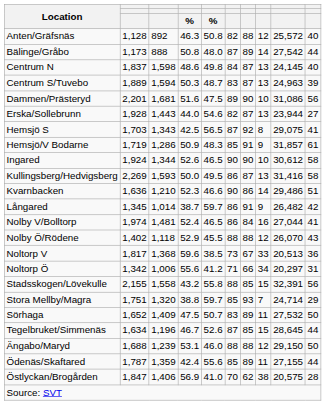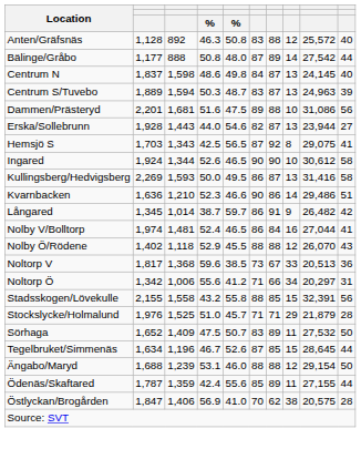 <table role="presentation" class="wikitable sortable mw-collapsible mw-collapsed">
 <tr>
 <th rowspan="3">Location</th>
 <th></th>
 <th></th>
 <th></th>
 <th></th>
 <th></th>
 <th></th>
 <th></th>
 <th></th>
 <th></th>
 </tr>
 <tr>
 <th></th>
 <th></th>
 <th style="background:"></th>
 <th style="background:"></th>
 <th></th>
 <th></th>
 <th></th>
 <th></th>
 <th></th>
 </tr>
 <tr>
 <th data-sort-type="number"></th>
 <th data-sort-type="number"></th>
 <th data-sort-type="number">%</th>
 <th data-sort-type="number">%</th>
 <th data-sort-type="number"></th>
 <th data-sort-type="number"></th>
 <th data-sort-type="number"></th>
 <th data-sort-type="number"></th>
 <th data-sort-type="number"></th>
 </tr>
 <tr>
 <td align="left">Anten/Gräfsnäs</td>
 <td>1,128</td>
 <td>892</td>
 <td>46.3</td>
 <td>50.8</td>
-<td>82</td>
+<td>83</td>
 <td>88</td>
 <td>12</td>
 <td>25,572</td>
 <td>40</td>
 </tr>
 <tr>
 <td align="left">Bälinge/Gråbo</td>
-<td>1,173</td>
+<td>1,177</td>
 <td>888</td>
 <td>50.8</td>
 <td>48.0</td>
 <td>87</td>
 <td>89</td>
 <td>14</td>
 <td>27,542</td>
 <td>44</td>
 </tr>
 <tr>
 <td align="left">Centrum N</td>
 <td>1,837</td>
 <td>1,598</td>
 <td>48.6</td>
 <td>49.8</td>
 <td>84</td>
 <td>87</td>
 <td>13</td>
 <td>24,145</td>
 <td>40</td>
 </tr>
 <tr>
 <td align="left">Centrum S/Tuvebo</td>
 <td>1,889</td>
 <td>1,594</td>
 <td>50.3</td>
 <td>48.7</td>
 <td>83</td>
 <td>87</td>
 <td>13</td>
 <td>24,963</td>
 <td>39</td>
 </tr>
 <tr>
 <td align="left">Dammen/Prästeryd</td>
 <td>2,201</td>
 <td>1,681</td>
 <td>51.6</td>
 <td>47.5</td>
 <td>89</td>
-<td>90</td>
+<td>88</td>
 <td>10</td>
 <td>31,086</td>
 <td>56</td>
 </tr>
 <tr>
 <td align="left">Erska/Sollebrunn</td>
 <td>1,928</td>
 <td>1,443</td>
 <td>44.0</td>
 <td>54.6</td>
 <td>82</td>
 <td>87</td>
 <td>13</td>
 <td>23,944</td>
 <td>27</td>
 </tr>
 <tr>
 <td align="left">Hemsjö S</td>
 <td>1,703</td>
 <td>1,343</td>
 <td>42.5</td>
 <td>56.5</td>
 <td>87</td>
 <td>92</td>
 <td>8</td>
 <td>29,075</td>
 <td>41</td>
-</tr>
-<tr>
-<td align="left">Hemsjö/V Bodarne</td>
-<td>1,719</td>
-<td>1,286</td>
-<td>50.9</td>
-<td>48.3</td>
-<td>85</td>
-<td>91</td>
-<td>9</td>
-<td>31,857</td>
-<td>61</td>
 </tr>
 <tr>
 <td align="left">Ingared</td>
 <td>1,924</td>
 <td>1,344</td>
 <td>52.6</td>
 <td>46.5</td>
 <td>90</td>
 <td>90</td>
 <td>10</td>
 <td>30,612</td>
 <td>58</td>
 </tr>
 <tr>
 <td align="left">Kullingsberg/Hedvigsberg</td>
 <td>2,269</td>
 <td>1,593</td>
 <td>50.0</td>
 <td>49.5</td>
 <td>86</td>
 <td>87</td>
 <td>13</td>
 <td>31,416</td>
 <td>58</td>
 </tr>
 <tr>
 <td align="left">Kvarnbacken</td>
 <td>1,636</td>
 <td>1,210</td>
 <td>52.3</td>
 <td>46.6</td>
 <td>90</td>
 <td>86</td>
 <td>14</td>
 <td>29,486</td>
 <td>51</td>
 </tr>
 <tr>
 <td align="left">Långared</td>
 <td>1,345</td>
 <td>1,014</td>
 <td>38.7</td>
 <td>59.7</td>
 <td>86</td>
 <td>91</td>
 <td>9</td>
 <td>26,482</td>
 <td>42</td>
 </tr>
 <tr>
 <td align="left">Nolby V/Bolltorp</td>
 <td>1,974</td>
 <td>1,481</td>
 <td>52.4</td>
 <td>46.5</td>
 <td>86</td>
 <td>84</td>
 <td>16</td>
 <td>27,044</td>
 <td>41</td>
 </tr>
 <tr>
 <td align="left">Nolby Ö/Rödene</td>
 <td>1,402</td>
 <td>1,118</td>
 <td>52.9</td>
 <td>45.5</td>
 <td>88</td>
 <td>88</td>
 <td>12</td>
 <td>26,070</td>
 <td>43</td>
 </tr>
 <tr>
 <td align="left">Noltorp V</td>
 <td>1,817</td>
 <td>1,368</td>
 <td>59.6</td>
 <td>38.5</td>
 <td>73</td>
 <td>67</td>
 <td>33</td>
 <td>20,513</td>
 <td>36</td>
 </tr>
 <tr>
 <td align="left">Noltorp Ö</td>
 <td>1,342</td>
 <td>1,006</td>
 <td>55.6</td>
 <td>41.2</td>
 <td>71</td>
 <td>66</td>
 <td>34</td>
 <td>20,297</td>
 <td>31</td>
 </tr>
 <tr>
 <td align="left">Stadsskogen/Lövekulle</td>
 <td>2,155</td>
 <td>1,558</td>
 <td>43.2</td>
 <td>55.8</td>
 <td>88</td>
 <td>85</td>
 <td>15</td>
 <td>32,391</td>
 <td>56</td>
 </tr>
 <tr>
-<td align="left">Stora Mellby/Magra</td>
-<td>1,751</td>
-<td>1,320</td>
-<td>38.8</td>
-<td>59.7</td>
-<td>85</td>
-<td>93</td>
-<td>7</td>
-<td>24,714</td>
+<td align="left">Stockslycke/Holmalund</td>
+<td>1,976</td>
+<td>1,525</td>
+<td>51.0</td>
+<td>45.7</td>
+<td>71</td>
+<td>71</td>
 <td>29</td>
+<td>21,879</td>
+<td>28</td>
 </tr>
 <tr>
 <td align="left">Sörhaga</td>
 <td>1,652</td>
 <td>1,409</td>
 <td>47.5</td>
 <td>50.7</td>
 <td>83</td>
 <td>89</td>
 <td>11</td>
 <td>27,532</td>
 <td>50</td>
 </tr>
 <tr>
 <td align="left">Tegelbruket/Simmenäs</td>
 <td>1,634</td>
 <td>1,196</td>
 <td>46.7</td>
 <td>52.6</td>
 <td>87</td>
 <td>85</td>
 <td>15</td>
 <td>28,645</td>
 <td>44</td>
 </tr>
 <tr>
 <td align="left">Ängabo/Maryd</td>
 <td>1,688</td>
 <td>1,239</td>
 <td>53.1</td>
 <td>46.0</td>
 <td>88</td>
 <td>88</td>
 <td>12</td>
-<td>29,150</td>
+<td>29,154</td>
 <td>50</td>
 </tr>
 <tr>
 <td align="left">Ödenäs/Skaftared</td>
 <td>1,787</td>
 <td>1,359</td>
 <td>42.4</td>
 <td>55.6</td>
 <td>85</td>
 <td>89</td>
 <td>11</td>
 <td>27,155</td>
 <td>44</td>
 </tr>
 <tr>
 <td align="left">Östlyckan/Brogården</td>
 <td>1,847</td>
 <td>1,406</td>
 <td>56.9</td>
 <td>41.0</td>
 <td>70</td>
 <td>62</td>
 <td>38</td>
 <td>20,575</td>
 <td>28</td>
 </tr>
 <tr>
 <td colspan="10" align="left">Source: <a href='#'>SVT</a></td>
 </tr>
 </table>
